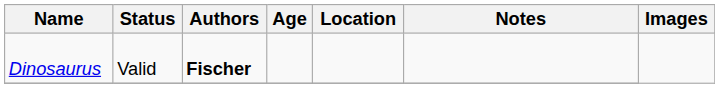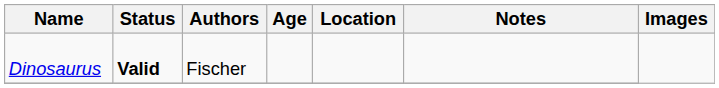 <table class="wikitable sortable" align="center" width="100%">
 <tr>
 <th>Name</th>
 <th>Status</th>
 <th>Authors</th>
 <th>Age</th>
 <th>Location</th>
 <th width="33%" class="unsortable">Notes</th>
 <th class="unsortable">Images</th>
 </tr>
 <tr>
 <td><br><em><a href='#'>Dinosaurus</a></em></td>
-<td><br>Valid</td>
-<td><strong><br>Fischer </strong></td>
+<td><strong><br>Valid</strong></td>
+<td><br>Fischer </td>
 <td></td>
 <td></td>
 <td><br></td>
 <td rowspan="99"><br></td>
 </tr>
 <tr>
 </tr>
 </table>
